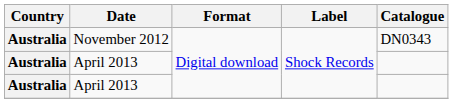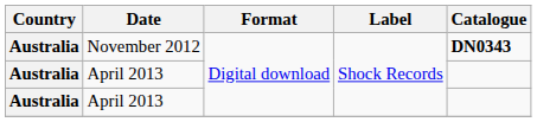 <table class="wikitable plainrowheaders">
 <tr>
 <th scope="col">Country</th>
 <th scope="col">Date</th>
 <th scope="col">Format</th>
 <th scope="col">Label</th>
 <th scope="col">Catalogue</th>
 </tr>
 <tr>
 <th scope="row">Australia</th>
 <td>November 2012</td>
 <td rowspan="3"><a href='#'>Digital download</a></td>
 <td rowspan="3"><a href='#'>Shock Records</a></td>
-<td>DN0343</td>
+<td><strong>DN0343</strong></td>
 </tr>
 <tr>
 <th scope="row">Australia</th>
 <td>April 2013</td>
 <td></td>
 </tr>
 <tr>
 <th scope="row">Australia</th>
 <td>April 2013</td>
 <td></td>
 </tr>
 <tr>
 </tr>
 </table>
